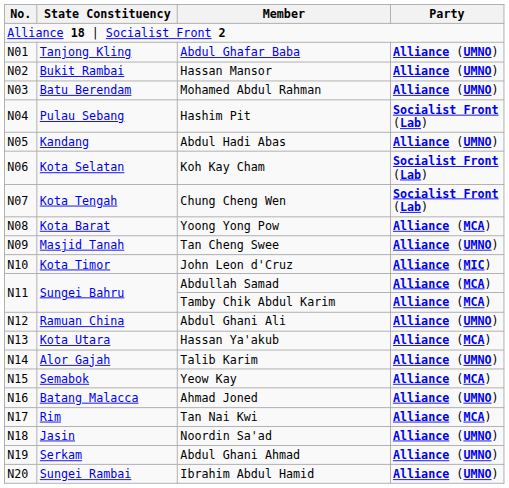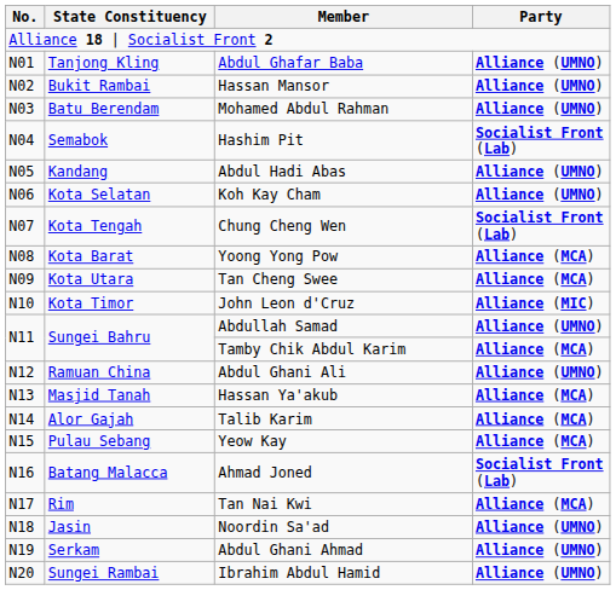 <table class="wikitable sortable">
 <tr>
 <th style="width:30px;">No.</th>
 <th style="width:150px;">State Constituency</th>
 <th style="width:230px;">Member</th>
 <th style="width:120px;">Party</th>
 </tr>
 <tr>
 <td colspan="4"><a href='#'>Alliance</a> <strong>18</strong> | <a href='#'>Socialist Front</a> <strong>2</strong></td>
 </tr>
 <tr>
 <td>N01</td>
 <td><a href='#'>Tanjong Kling</a></td>
 <td><a href='#'>Abdul Ghafar Baba</a></td>
 <td><strong><a href='#'>Alliance</a></strong> (<strong><a href='#'>UMNO</a></strong>)</td>
 </tr>
 <tr>
 <td>N02</td>
 <td><a href='#'>Bukit Rambai</a></td>
 <td>Hassan Mansor</td>
 <td><strong><a href='#'>Alliance</a></strong> (<strong><a href='#'>UMNO</a></strong>)</td>
 </tr>
 <tr>
 <td>N03</td>
 <td><a href='#'>Batu Berendam</a></td>
 <td>Mohamed Abdul Rahman</td>
 <td><strong><a href='#'>Alliance</a></strong> (<strong><a href='#'>UMNO</a></strong>)</td>
 </tr>
 <tr>
 <td>N04</td>
-<td><a href='#'>Pulau Sebang</a></td>
+<td><a href='#'>Semabok</a></td>
 <td>Hashim Pit</td>
 <td><strong><a href='#'>Socialist Front</a></strong> (<strong><a href='#'>Lab</a></strong>)</td>
 </tr>
 <tr>
 <td>N05</td>
 <td><a href='#'>Kandang</a></td>
 <td>Abdul Hadi Abas</td>
 <td><strong><a href='#'>Alliance</a></strong> (<strong><a href='#'>UMNO</a></strong>)</td>
 </tr>
 <tr>
 <td>N06</td>
 <td><a href='#'>Kota Selatan</a></td>
 <td>Koh Kay Cham</td>
-<td><strong><a href='#'>Socialist Front</a></strong> (<strong><a href='#'>Lab</a></strong>)</td>
+<td><strong><a href='#'>Alliance</a></strong> (<strong><a href='#'>UMNO</a></strong>)</td>
 </tr>
 <tr>
 <td>N07</td>
 <td><a href='#'>Kota Tengah</a></td>
 <td>Chung Cheng Wen</td>
 <td><strong><a href='#'>Socialist Front</a></strong> (<strong><a href='#'>Lab</a></strong>)</td>
 </tr>
 <tr>
 <td>N08</td>
 <td><a href='#'>Kota Barat</a></td>
 <td>Yoong Yong Pow</td>
 <td><strong><a href='#'>Alliance</a></strong> (<strong><a href='#'>MCA</a></strong>)</td>
 </tr>
 <tr>
 <td>N09</td>
-<td><a href='#'>Masjid Tanah</a></td>
+<td><a href='#'>Kota Utara</a></td>
 <td>Tan Cheng Swee</td>
-<td><strong><a href='#'>Alliance</a></strong> (<strong><a href='#'>UMNO</a></strong>)</td>
+<td><strong><a href='#'>Alliance</a></strong> (<strong><a href='#'>MCA</a></strong>)</td>
 </tr>
 <tr>
 <td>N10</td>
 <td><a href='#'>Kota Timor</a></td>
 <td>John Leon d'Cruz</td>
 <td><strong><a href='#'>Alliance</a></strong> (<strong><a href='#'>MIC</a></strong>)</td>
 </tr>
 <tr>
 <td rowspan=2>N11</td>
 <td rowspan=2><a href='#'>Sungei Bahru</a></td>
 <td>Abdullah Samad </td>
-<td><strong><a href='#'>Alliance</a></strong> (<strong><a href='#'>MCA</a></strong>)</td>
+<td><strong><a href='#'>Alliance</a></strong> (<strong><a href='#'>UMNO</a></strong>)</td>
 </tr>
 <tr>
 <td>Tamby Chik Abdul Karim </td>
 <td><strong><a href='#'>Alliance</a></strong> (<strong><a href='#'>MCA</a></strong>)</td>
 </tr>
 <tr>
 <td>N12</td>
 <td><a href='#'>Ramuan China</a></td>
 <td>Abdul Ghani Ali</td>
 <td><strong><a href='#'>Alliance</a></strong> (<strong><a href='#'>UMNO</a></strong>)</td>
 </tr>
 <tr>
 <td>N13</td>
-<td><a href='#'>Kota Utara</a></td>
+<td><a href='#'>Masjid Tanah</a></td>
 <td>Hassan Ya'akub</td>
 <td><strong><a href='#'>Alliance</a></strong> (<strong><a href='#'>MCA</a></strong>)</td>
 </tr>
 <tr>
 <td>N14</td>
 <td><a href='#'>Alor Gajah</a></td>
 <td>Talib Karim</td>
-<td><strong><a href='#'>Alliance</a></strong> (<strong><a href='#'>UMNO</a></strong>)</td>
+<td><strong><a href='#'>Alliance</a></strong> (<strong><a href='#'>MCA</a></strong>)</td>
 </tr>
 <tr>
 <td>N15</td>
-<td><a href='#'>Semabok</a></td>
+<td><a href='#'>Pulau Sebang</a></td>
 <td>Yeow Kay</td>
 <td><strong><a href='#'>Alliance</a></strong> (<strong><a href='#'>MCA</a></strong>)</td>
 </tr>
 <tr>
 <td>N16</td>
 <td><a href='#'>Batang Malacca</a></td>
 <td>Ahmad Joned</td>
-<td><strong><a href='#'>Alliance</a></strong> (<strong><a href='#'>UMNO</a></strong>)</td>
+<td><strong><a href='#'>Socialist Front</a></strong> (<strong><a href='#'>Lab</a></strong>)</td>
 </tr>
 <tr>
 <td>N17</td>
 <td><a href='#'>Rim</a></td>
 <td>Tan Nai Kwi</td>
 <td><strong><a href='#'>Alliance</a></strong> (<strong><a href='#'>MCA</a></strong>)</td>
 </tr>
 <tr>
 <td>N18</td>
 <td><a href='#'>Jasin</a></td>
 <td>Noordin Sa'ad</td>
 <td><strong><a href='#'>Alliance</a></strong> (<strong><a href='#'>UMNO</a></strong>)</td>
 </tr>
 <tr>
 <td>N19</td>
 <td><a href='#'>Serkam</a></td>
 <td>Abdul Ghani Ahmad</td>
 <td><strong><a href='#'>Alliance</a></strong> (<strong><a href='#'>UMNO</a></strong>)</td>
 </tr>
 <tr>
 <td>N20</td>
 <td><a href='#'>Sungei Rambai</a></td>
 <td>Ibrahim Abdul Hamid</td>
 <td><strong><a href='#'>Alliance</a></strong> (<strong><a href='#'>UMNO</a></strong>)</td>
 </tr>
 </table>
